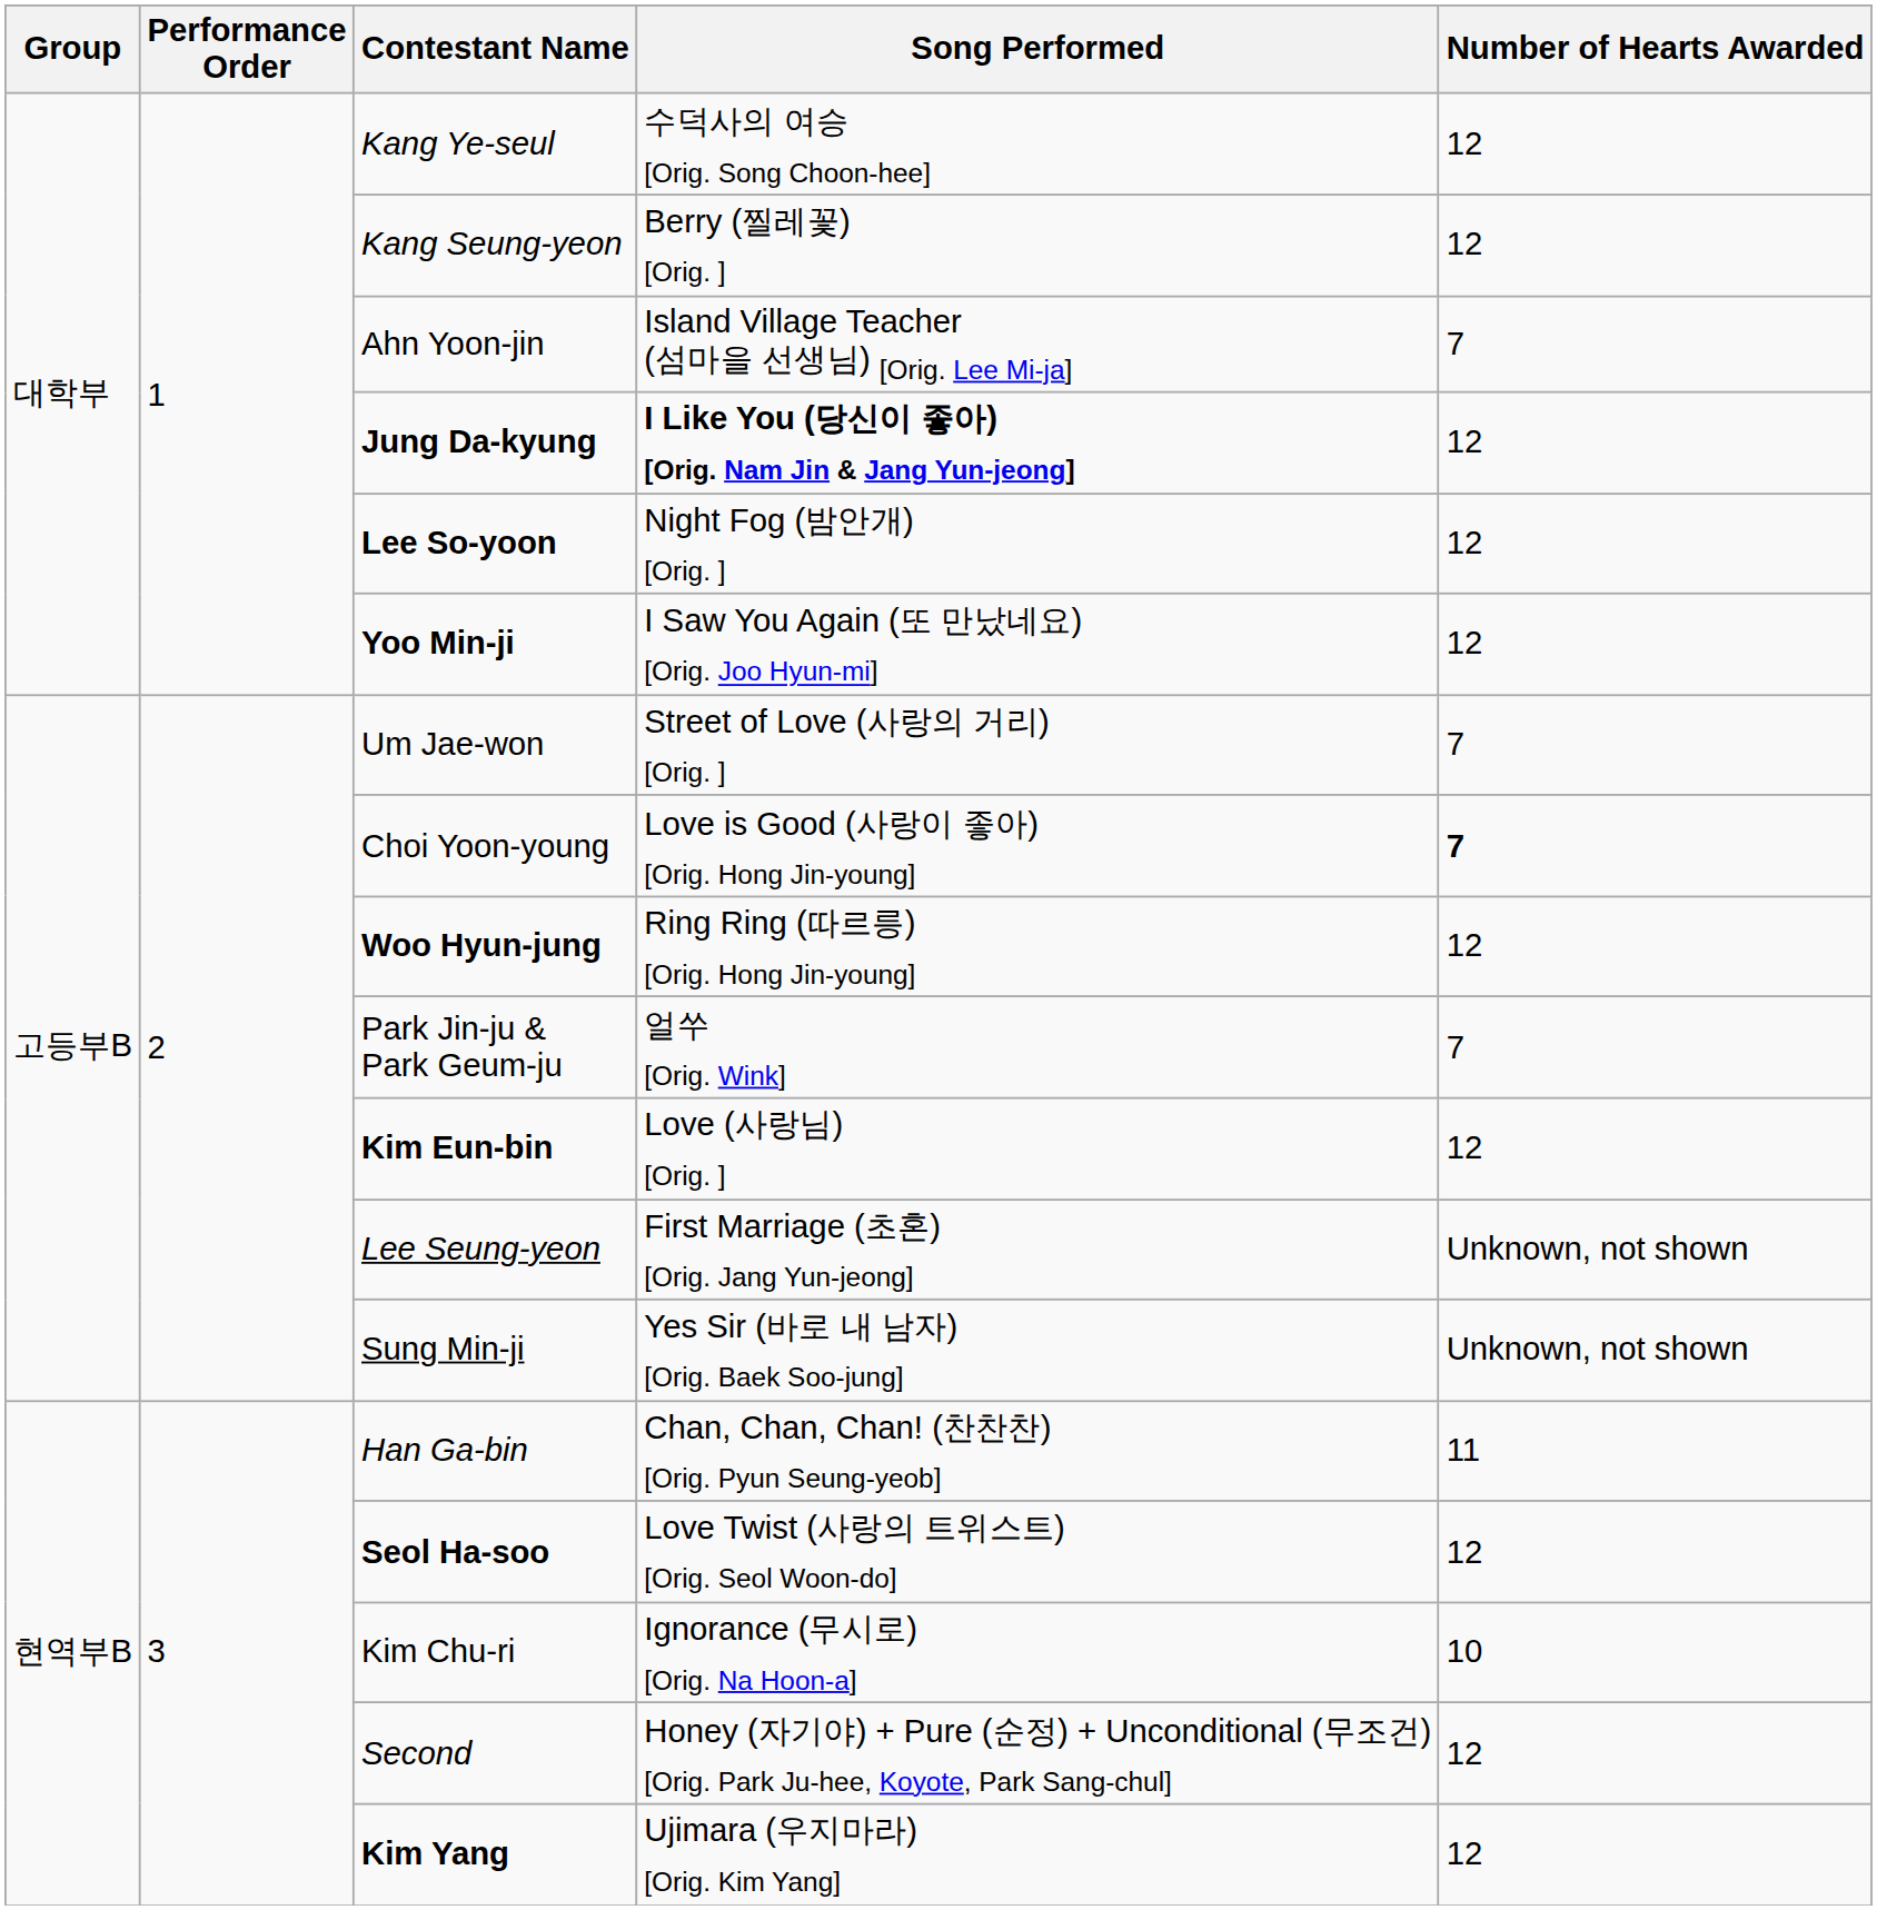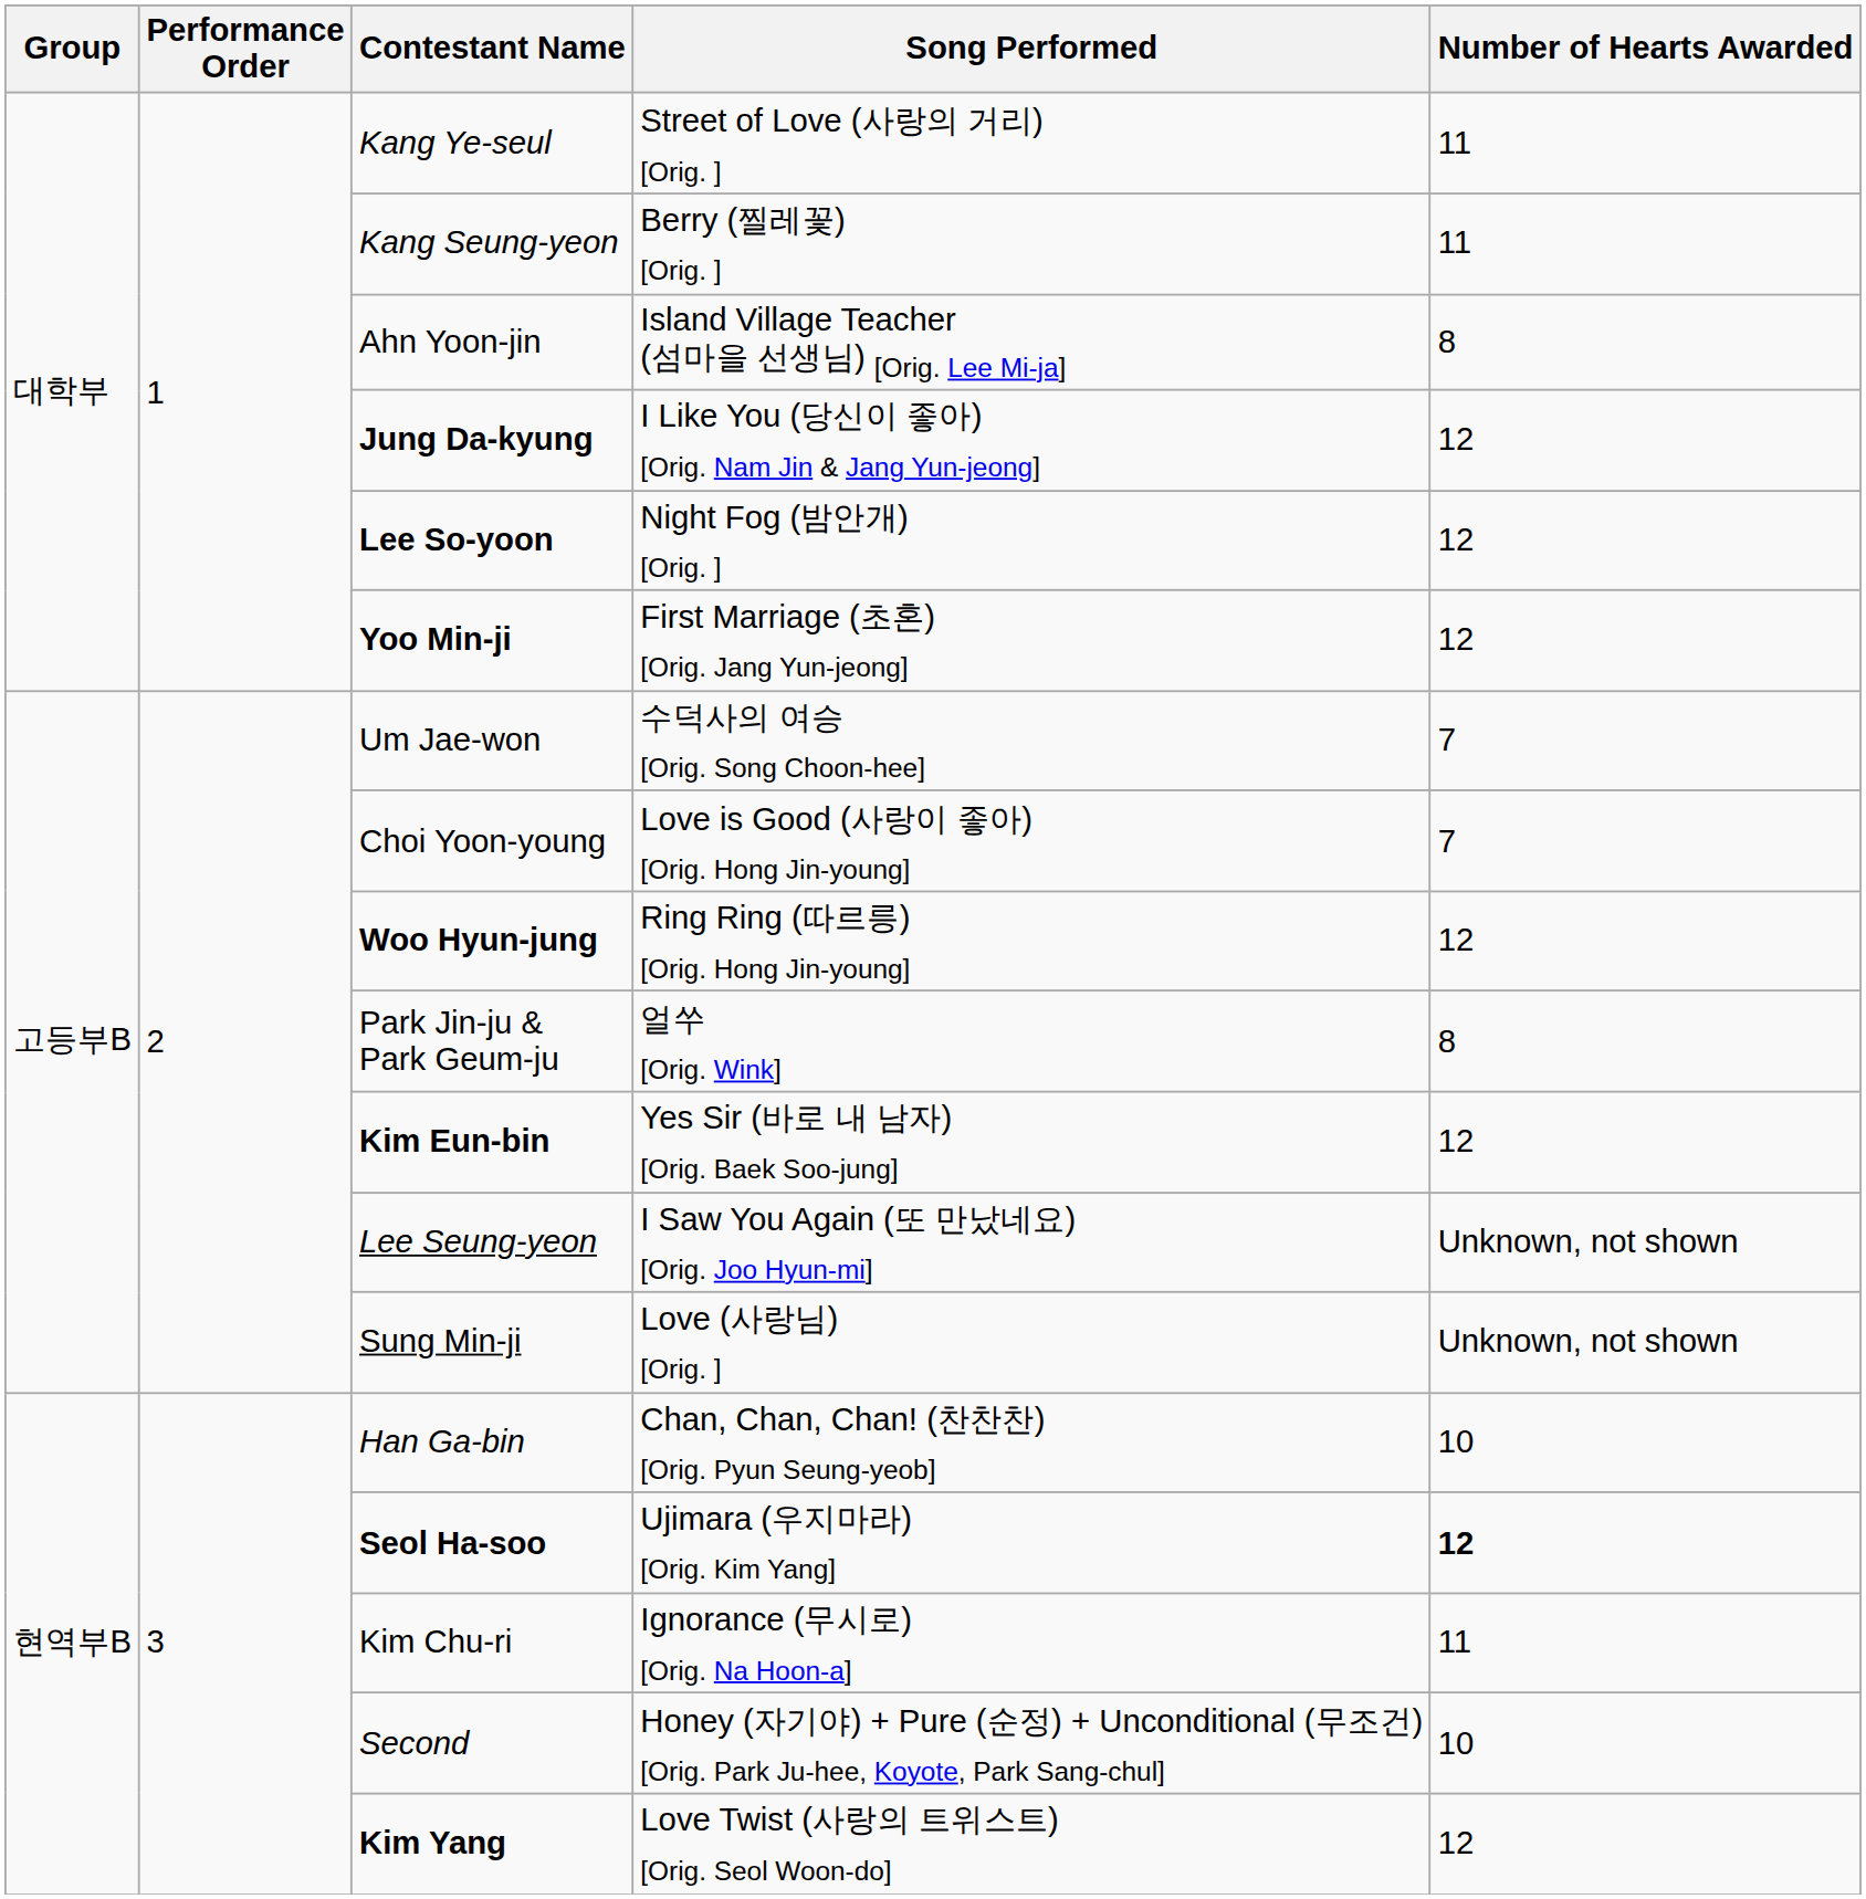 <table class="wikitable">
 <tr>
 <th>Group</th>
 <th>Performance<br>Order</th>
 <th>Contestant Name</th>
 <th>Song Performed</th>
 <th>Number of Hearts Awarded</th>
 </tr>
 <tr>
 <td rowspan=6>대학부</td>
 <td rowspan=6>1</td>
 <td><em>Kang Ye-seul</em></td>
-<td>수덕사의 여승<br><sub>[Orig. Song Choon-hee]</sub></td>
-<td>12</td>
+<td>Street of Love (사랑의 거리)<br><sub>[Orig. ]</sub></td>
+<td>11</td>
 </tr>
 <tr>
 <td><em>Kang Seung-yeon</em></td>
 <td>Berry (찔레꽃)<br><sub>[Orig. ]</sub></td>
-<td>12</td>
+<td>11</td>
 </tr>
 <tr>
 <td>Ahn Yoon-jin</td>
 <td>Island Village Teacher<br>(섬마을 선생님) <sub>[Orig. <a href='#'>Lee Mi-ja</a>]</sub></td>
-<td>7</td>
+<td>8</td>
 </tr>
 <tr>
 <td><strong>Jung Da-kyung</strong></td>
-<td><strong>I Like You (당신이 좋아)<br><sub>[Orig. <a href='#'>Nam Jin</a> & <a href='#'>Jang Yun-jeong</a>]</sub></strong></td>
+<td>I Like You (당신이 좋아)<br><sub>[Orig. <a href='#'>Nam Jin</a> & <a href='#'>Jang Yun-jeong</a>]</sub></td>
 <td>12</td>
 </tr>
 <tr>
 <td><strong>Lee So-yoon</strong></td>
 <td>Night Fog (밤안개)<br><sub>[Orig. ]</sub></td>
 <td>12</td>
 </tr>
 <tr>
 <td><strong>Yoo Min-ji</strong></td>
-<td>I Saw You Again (또 만났네요)<br><sub>[Orig. <a href='#'>Joo Hyun-mi</a>]</sub></td>
+<td>First Marriage (초혼)<br><sub>[Orig. Jang Yun-jeong]</sub></td>
 <td>12</td>
 </tr>
 <tr>
 <td rowspan=7>고등부B</td>
 <td rowspan=7>2</td>
 <td>Um Jae-won</td>
-<td>Street of Love (사랑의 거리)<br><sub>[Orig. ]</sub></td>
+<td>수덕사의 여승<br><sub>[Orig. Song Choon-hee]</sub></td>
 <td>7</td>
 </tr>
 <tr>
 <td>Choi Yoon-young</td>
 <td>Love is Good (사랑이 좋아)<br><sub>[Orig. Hong Jin-young]</sub></td>
-<td><strong>7</strong></td>
+<td>7</td>
 </tr>
 <tr>
 <td><strong>Woo Hyun-jung</strong></td>
 <td>Ring Ring (따르릉)<br><sub>[Orig. Hong Jin-young]</sub></td>
 <td>12</td>
 </tr>
 <tr>
 <td>Park Jin-ju &<br>Park Geum-ju</td>
 <td>얼쑤<br><sub>[Orig. <a href='#'>Wink</a>]</sub></td>
-<td>7</td>
+<td>8</td>
 </tr>
 <tr>
 <td><strong>Kim Eun-bin</strong></td>
-<td>Love (사랑님)<br><sub>[Orig. ]</sub></td>
+<td>Yes Sir (바로 내 남자)<br><sub>[Orig. Baek Soo-jung]</sub></td>
 <td>12</td>
 </tr>
 <tr>
 <td><u><em>Lee Seung-yeon</em></u></td>
-<td>First Marriage (초혼)<br><sub>[Orig. Jang Yun-jeong]</sub></td>
+<td>I Saw You Again (또 만났네요)<br><sub>[Orig. <a href='#'>Joo Hyun-mi</a>]</sub></td>
 <td>Unknown, not shown</td>
 </tr>
 <tr>
 <td><u>Sung Min-ji</u></td>
-<td>Yes Sir (바로 내 남자)<br><sub>[Orig. Baek Soo-jung]</sub></td>
+<td>Love (사랑님)<br><sub>[Orig. ]</sub></td>
 <td>Unknown, not shown</td>
 </tr>
 <tr>
 <td rowspan=5>현역부B</td>
 <td rowspan=5>3</td>
 <td><em>Han Ga-bin</em></td>
 <td>Chan, Chan, Chan! (찬찬찬)<br><sub>[Orig. Pyun Seung-yeob]</sub></td>
-<td>11</td>
+<td>10</td>
 </tr>
 <tr>
 <td><strong>Seol Ha-soo</strong></td>
-<td>Love Twist (사랑의 트위스트)<br><sub>[Orig. Seol Woon-do]</sub></td>
-<td>12</td>
+<td>Ujimara (우지마라)<br><sub>[Orig. Kim Yang]</sub></td>
+<td><strong>12</strong></td>
 </tr>
 <tr>
 <td>Kim Chu-ri</td>
 <td>Ignorance (무시로)<br><sub>[Orig. <a href='#'>Na Hoon-a</a>]</sub></td>
-<td>10</td>
+<td>11</td>
 </tr>
 <tr>
 <td><em>Second</em></td>
 <td>Honey (자기야) + Pure (순정) + Unconditional (무조건)<br><sub>[Orig. Park Ju-hee, <a href='#'>Koyote</a>, Park Sang-chul]</sub></td>
-<td>12</td>
+<td>10</td>
 </tr>
 <tr>
 <td><strong>Kim Yang</strong></td>
-<td>Ujimara (우지마라)<br><sub>[Orig. Kim Yang]</sub></td>
+<td>Love Twist (사랑의 트위스트)<br><sub>[Orig. Seol Woon-do]</sub></td>
 <td>12</td>
 </tr>
 </table>
